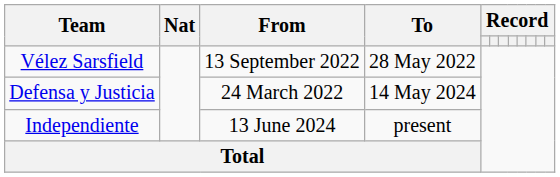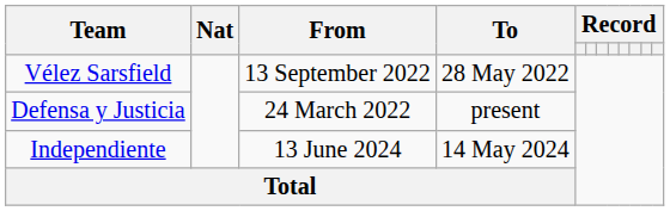 <table class="wikitable" tyle="text-align: center">
 <tr>
 <th rowspan="2">Team</th>
 <th rowspan="2">Nat</th>
 <th rowspan="2">From</th>
 <th rowspan="2">To</th>
 <th colspan="8">Record</th>
 </tr>
 <tr>
 <th></th>
 <th></th>
 <th></th>
 <th></th>
 <th></th>
 <th></th>
 <th></th>
 <th></th>
 </tr>
 <tr>
 <td align=center><a href='#'>Vélez Sarsfield</a></td>
 <td rowspan="3"></td>
 <td align=center>13 September 2022</td>
 <td align=center>28 May 2022<br></td>
 </tr>
 <tr>
 <td align=center><a href='#'>Defensa y Justicia</a></td>
 <td align=center>24 March 2022</td>
-<td align=center>14 May 2024<br></td>
+<td align=center>present<br></td>
 </tr>
 <tr>
 <td align=center><a href='#'>Independiente</a></td>
 <td align=center>13 June 2024</td>
-<td align=center>present<br></td>
+<td align=center>14 May 2024<br></td>
 </tr>
 <tr>
 <th colspan="4">Total<br></th>
 </tr>
 </table>
